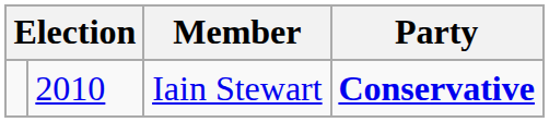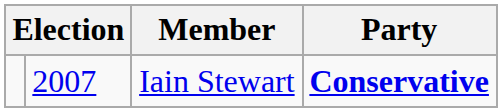 <table class="wikitable">
 <tr>
 <th colspan="2">Election</th>
 <th>Member</th>
 <th>Party</th>
 </tr>
 <tr>
 <td style="color:inherit;background-color: "></td>
-<td><a href='#'>2010</a></td>
+<td><a href='#'>2007</a></td>
 <td><a href='#'>Iain Stewart</a></td>
 <td><strong><a href='#'>Conservative</a></strong></td>
 </tr>
 <tr>
 </tr>
 </table>
